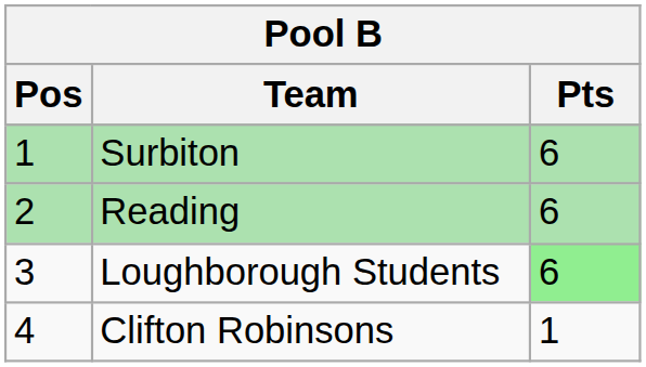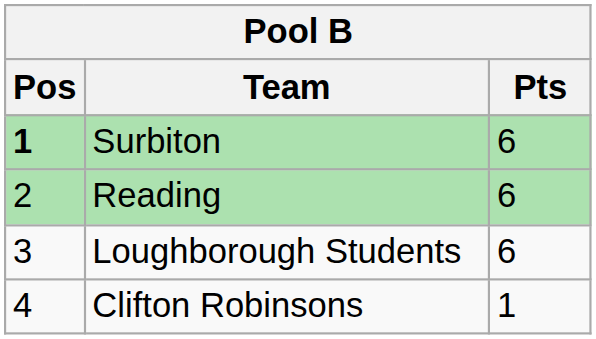 <table class="wikitable">
 <tr>
 <th colspan="6">Pool B</th>
 </tr>
 <tr>
 <th width=20>Pos</th>
 <th width=180>Team</th>
 <th width=40>Pts</th>
 </tr>
 <tr style="background:#ACE1AF;">
-<td>1</td>
+<td><strong>1</strong></td>
 <td style="text-align:left;">Surbiton</td>
 <td>6</td>
 </tr>
 <tr style="background:#ACE1AF;">
 <td>2</td>
 <td style="text-align:left;">Reading</td>
 <td>6</td>
 </tr>
 <tr>
 <td>3</td>
 <td style="text-align:left;">Loughborough Students</td>
-<td style="background: lightgreen;">6</td>
+<td>6</td>
 </tr>
 <tr>
 <td>4</td>
 <td style="text-align:left;">Clifton Robinsons</td>
 <td>1</td>
 </tr>
 </table>
